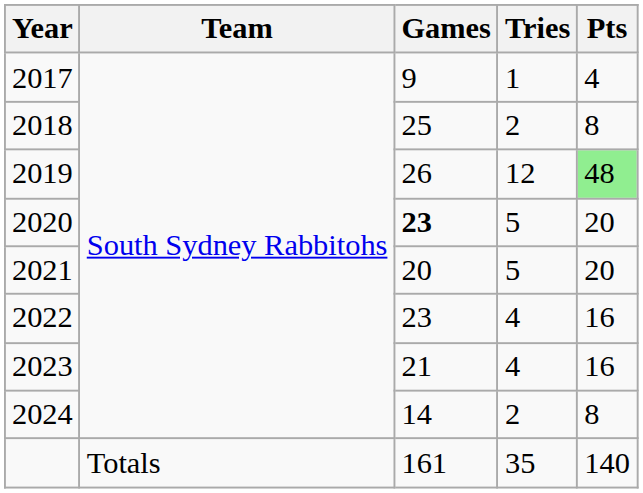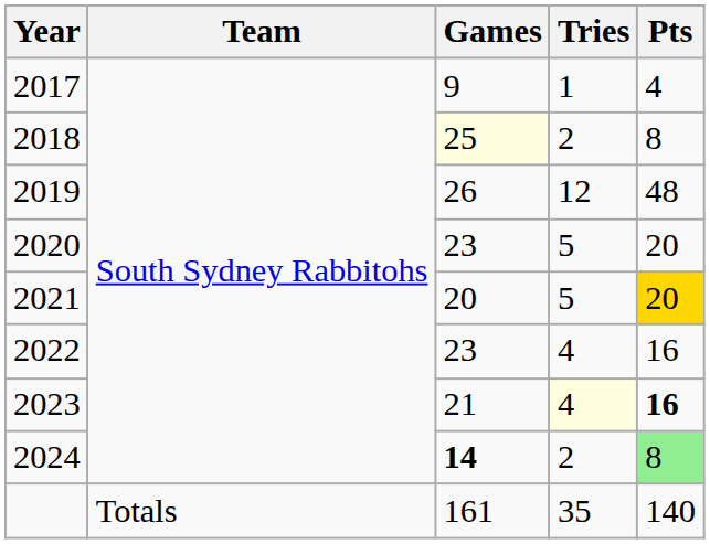 <table class="wikitable">
 <tr>
 <th>Year</th>
 <th>Team</th>
 <th>Games</th>
 <th>Tries</th>
 <th>Pts</th>
 </tr>
 <tr>
 <td>2017</td>
 <td rowspan="8"> <a href='#'>South Sydney Rabbitohs</a></td>
 <td>9</td>
 <td>1</td>
 <td>4</td>
 </tr>
 <tr>
 <td>2018</td>
-<td>25</td>
+<td style="background: lightyellow;">25</td>
 <td>2</td>
 <td>8</td>
 </tr>
 <tr>
 <td>2019</td>
 <td>26</td>
 <td>12</td>
-<td style="background: lightgreen;">48</td>
+<td>48</td>
 </tr>
 <tr>
 <td>2020</td>
-<td><strong>23</strong></td>
+<td>23</td>
 <td>5</td>
 <td>20</td>
 </tr>
 <tr>
 <td>2021</td>
 <td>20</td>
 <td>5</td>
-<td>20</td>
+<td style="background: gold;">20</td>
 </tr>
 <tr>
 <td>2022</td>
 <td>23</td>
 <td>4</td>
 <td>16</td>
 </tr>
 <tr>
 <td>2023</td>
 <td>21</td>
-<td>4</td>
-<td>16</td>
+<td style="background: lightyellow;">4</td>
+<td><strong>16</strong></td>
 </tr>
 <tr>
 <td>2024</td>
-<td>14</td>
+<td><strong>14</strong></td>
 <td>2</td>
-<td>8</td>
+<td style="background: lightgreen;">8</td>
 </tr>
 <tr>
 <td></td>
 <td>Totals</td>
 <td>161</td>
 <td>35</td>
 <td>140</td>
 </tr>
 </table>
